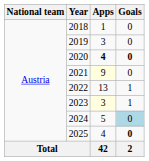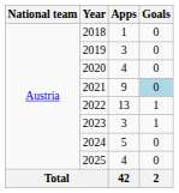 <table class="wikitable" style="text-align:center">
 <tr>
 <th>National team</th>
 <th>Year</th>
 <th>Apps</th>
 <th>Goals</th>
 </tr>
 <tr>
 <td rowspan="8"><a href='#'>Austria</a></td>
 <td>2018</td>
 <td>1</td>
 <td>0</td>
 </tr>
 <tr>
 <td>2019</td>
 <td>3</td>
 <td>0</td>
 </tr>
 <tr>
 <td>2020</td>
-<td><strong>4</strong></td>
-<td><strong>0</strong></td>
+<td>4</td>
+<td>0</td>
 </tr>
 <tr>
 <td>2021</td>
-<td style="background: lightyellow;">9</td>
-<td>0</td>
+<td>9</td>
+<td style="background: lightblue;">0</td>
 </tr>
 <tr>
 <td>2022</td>
 <td>13</td>
 <td>1</td>
 </tr>
 <tr>
 <td>2023</td>
-<td style="background: lightyellow;">3</td>
+<td>3</td>
 <td>1</td>
 </tr>
 <tr>
 <td>2024</td>
 <td>5</td>
-<td style="background: lightblue;">0</td>
+<td>0</td>
 </tr>
 <tr>
 <td>2025</td>
 <td>4</td>
-<td><strong>0</strong></td>
+<td>0</td>
 </tr>
 <tr>
 <th colspan="2">Total</th>
 <th>42</th>
 <th>2</th>
 </tr>
 </table>
